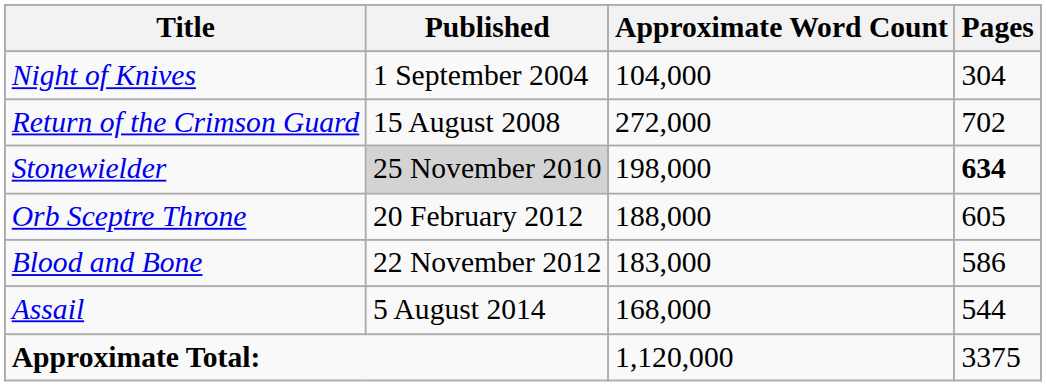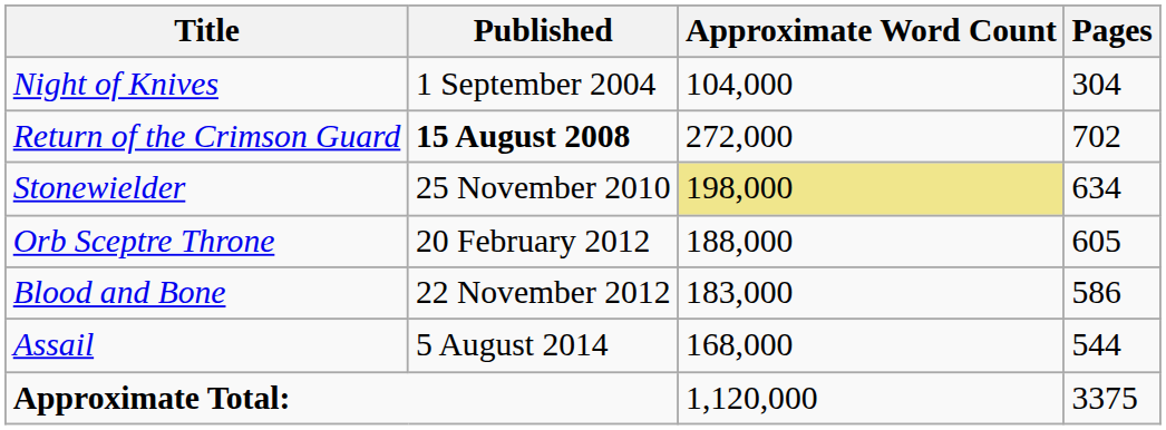 <table class="wikitable sortable">
 <tr>
 <th>Title</th>
 <th>Published</th>
 <th>Approximate Word Count</th>
 <th>Pages</th>
 </tr>
 <tr>
 <td><em><a href='#'>Night of Knives</a></em></td>
 <td>1 September 2004</td>
 <td>104,000</td>
 <td>304</td>
 </tr>
 <tr>
 <td><em><a href='#'>Return of the Crimson Guard</a></em></td>
-<td>15 August 2008</td>
+<td><strong>15 August 2008</strong></td>
 <td>272,000</td>
 <td>702</td>
 </tr>
 <tr>
 <td><em><a href='#'>Stonewielder</a></em></td>
-<td style="background: lightgrey;">25 November 2010</td>
-<td>198,000</td>
-<td><strong>634</strong></td>
+<td>25 November 2010</td>
+<td style="background: khaki;">198,000</td>
+<td>634</td>
 </tr>
 <tr>
 <td><em><a href='#'>Orb Sceptre Throne</a></em></td>
 <td>20 February 2012</td>
 <td>188,000</td>
 <td>605</td>
 </tr>
 <tr>
 <td><em><a href='#'>Blood and Bone</a></em></td>
 <td>22 November 2012</td>
 <td>183,000</td>
 <td>586</td>
 </tr>
 <tr>
 <td><em><a href='#'>Assail</a></em></td>
 <td>5 August 2014</td>
 <td>168,000</td>
 <td>544</td>
 </tr>
 <tr>
 <td colspan=2><strong>Approximate Total:</strong></td>
 <td>1,120,000</td>
 <td>3375</td>
 </tr>
 </table>
